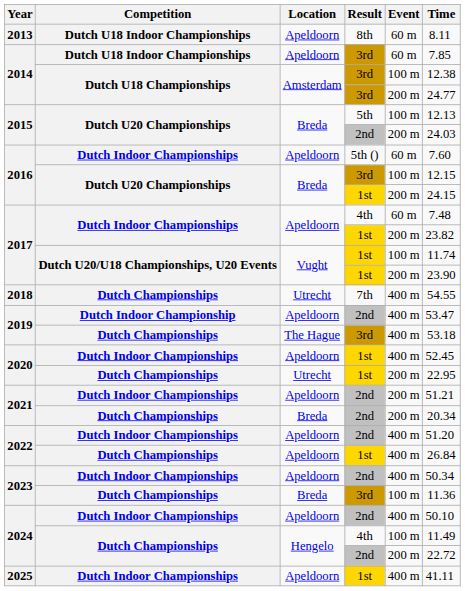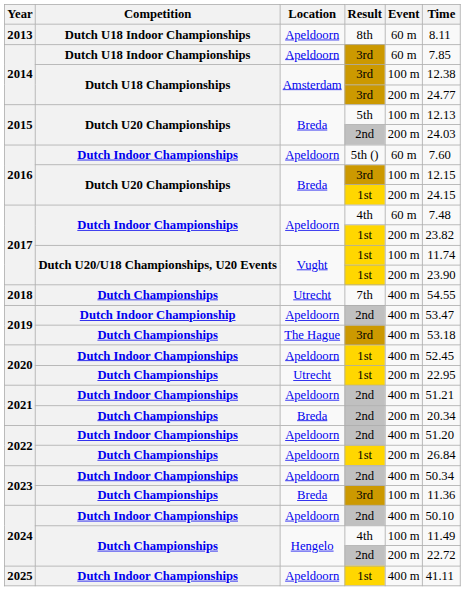 <table class="wikitable" style="text-align:center">
 <tr>
 <th scope="col">Year</th>
 <th scope="col">Competition</th>
 <th scope="col">Location</th>
 <th scope="col">Result</th>
 <th scope="col">Event</th>
 <th scope="col">Time</th>
 </tr>
 <tr>
 <th scope="row">2013</th>
 <th scope="row">Dutch U18 Indoor Championships</th>
 <td><a href='#'>Apeldoorn</a></td>
 <td>8th</td>
 <td>60 m</td>
 <td>8.11 </td>
 </tr>
 <tr>
 <th scope="rowgroup" rowspan="3">2014</th>
 <th scope="row">Dutch U18 Indoor Championships</th>
 <td><a href='#'>Apeldoorn</a></td>
 <td bgcolor="#cc9900">3rd</td>
 <td>60 m</td>
 <td>7.85 </td>
 </tr>
 <tr>
 <th scope="rowgroup" rowspan="2">Dutch U18 Championships</th>
 <td rowspan="2"><a href='#'>Amsterdam</a></td>
 <td bgcolor="#cc9900">3rd</td>
 <td>100 m</td>
 <td>12.38</td>
 </tr>
 <tr>
 <td bgcolor="#cc9900">3rd</td>
 <td>200 m</td>
 <td>24.77</td>
 </tr>
 <tr>
 <th scope="rowgroup" rowspan="2">2015</th>
 <th scope="rowgroup" rowspan="2">Dutch U20 Championships</th>
 <td rowspan="2"><a href='#'>Breda</a></td>
 <td>5th</td>
 <td>100 m</td>
 <td>12.13</td>
 </tr>
 <tr>
 <td bgcolor="silver">2nd</td>
 <td>200 m</td>
 <td>24.03</td>
 </tr>
 <tr>
 <th scope="rowgroup" rowspan="3">2016</th>
 <th scope="row"><a href='#'>Dutch Indoor Championships</a></th>
 <td><a href='#'>Apeldoorn</a></td>
 <td>5th ()</td>
 <td>60 m</td>
 <td>7.60 </td>
 </tr>
 <tr>
 <th scope="rowgroup" rowspan="2">Dutch U20 Championships</th>
 <td rowspan="2"><a href='#'>Breda</a></td>
 <td bgcolor="#cc9900">3rd</td>
 <td>100 m</td>
 <td>12.15</td>
 </tr>
 <tr>
 <td bgcolor="gold">1st</td>
 <td>200 m</td>
 <td>24.15</td>
 </tr>
 <tr>
 <th scope="rowgroup" rowspan="4">2017</th>
 <th scope="rowgroup" rowspan="2"><a href='#'>Dutch Indoor Championships</a></th>
 <td rowspan="2"><a href='#'>Apeldoorn</a></td>
 <td>4th</td>
 <td>60 m</td>
 <td>7.48 </td>
 </tr>
 <tr>
 <td bgcolor="gold">1st</td>
 <td>200 m </td>
 <td>23.82 </td>
 </tr>
 <tr>
 <th scope="rowgroup" rowspan="2">Dutch U20/U18 Championships, U20 Events</th>
 <td rowspan="2"><a href='#'>Vught</a></td>
 <td bgcolor="gold">1st</td>
 <td>100 m</td>
 <td>11.74</td>
 </tr>
 <tr>
 <td bgcolor="gold">1st</td>
 <td>200 m</td>
 <td>23.90</td>
 </tr>
 <tr>
 <th scope="row">2018</th>
 <th scope="row"><a href='#'>Dutch Championships</a></th>
 <td><a href='#'>Utrecht</a></td>
 <td>7th</td>
 <td>400 m</td>
 <td>54.55</td>
 </tr>
 <tr>
 <th scope="rowgroup" rowspan="2">2019</th>
 <th scope="row"><a href='#'>Dutch Indoor Championship</a></th>
 <td><a href='#'>Apeldoorn</a></td>
 <td bgcolor="silver">2nd</td>
 <td>400 m </td>
 <td>53.47 </td>
 </tr>
 <tr>
 <th scope="row"><a href='#'>Dutch Championships</a></th>
 <td><a href='#'>The Hague</a></td>
 <td bgcolor="#cc9900">3rd</td>
 <td>400 m</td>
 <td>53.18</td>
 </tr>
 <tr>
 <th scope="rowgroup" rowspan="2">2020</th>
 <th scope="row"><a href='#'>Dutch Indoor Championships</a></th>
 <td><a href='#'>Apeldoorn</a></td>
 <td bgcolor="gold">1st</td>
 <td>400 m </td>
 <td>52.45 </td>
 </tr>
 <tr>
 <th scope="row"><a href='#'>Dutch Championships</a></th>
 <td><a href='#'>Utrecht</a></td>
 <td bgcolor="gold">1st</td>
 <td>200 m</td>
 <td>22.95</td>
 </tr>
 <tr>
 <th scope="rowgroup" rowspan="2">2021</th>
 <th scope="row"><a href='#'>Dutch Indoor Championships</a></th>
 <td><a href='#'>Apeldoorn</a></td>
 <td bgcolor="silver">2nd</td>
-<td>200 m</td>
+<td>400 m </td>
 <td>51.21 </td>
 </tr>
 <tr>
 <th scope="row"><a href='#'>Dutch Championships</a></th>
 <td><a href='#'>Breda</a></td>
 <td bgcolor="silver">2nd</td>
 <td>200 m</td>
 <td>20.34</td>
 </tr>
 <tr>
 <th scope="rowgroup" rowspan="2">2022</th>
 <th scope="row"><a href='#'>Dutch Indoor Championships</a></th>
 <td><a href='#'>Apeldoorn</a></td>
 <td bgcolor="silver">2nd</td>
 <td>400 m </td>
 <td>51.20 </td>
 </tr>
 <tr>
 <th scope="row"><a href='#'>Dutch Championships</a></th>
 <td><a href='#'>Apeldoorn</a></td>
 <td bgcolor="gold">1st</td>
-<td>400 m </td>
+<td>200 m</td>
 <td>26.84</td>
 </tr>
 <tr>
 <th scope="rowgroup" rowspan="2">2023</th>
 <th scope="row"><a href='#'>Dutch Indoor Championships</a></th>
 <td><a href='#'>Apeldoorn</a></td>
 <td bgcolor="silver">2nd</td>
 <td>400 m </td>
 <td>50.34 </td>
 </tr>
 <tr>
 <th scope="row"><a href='#'>Dutch Championships</a></th>
 <td><a href='#'>Breda</a></td>
 <td bgcolor="#cc9900">3rd</td>
 <td>100 m</td>
 <td>11.36</td>
 </tr>
 <tr>
 <th scope="rowgroup" rowspan="3">2024</th>
 <th scope="row"><a href='#'>Dutch Indoor Championships</a></th>
 <td><a href='#'>Apeldoorn</a></td>
 <td bgcolor="silver">2nd</td>
 <td>400 m </td>
 <td>50.10 </td>
 </tr>
 <tr>
 <th scope="rowgroup" rowspan="2"><a href='#'>Dutch Championships</a></th>
 <td rowspan="2"><a href='#'>Hengelo</a></td>
 <td>4th</td>
 <td>100 m</td>
 <td>11.49</td>
 </tr>
 <tr>
 <td bgcolor="silver">2nd</td>
 <td>200 m</td>
 <td>22.72</td>
 </tr>
 <tr>
 <th scope="row">2025</th>
 <th scope="row"><a href='#'>Dutch Indoor Championships</a></th>
 <td><a href='#'>Apeldoorn</a></td>
 <td bgcolor="gold">1st</td>
 <td>400 m </td>
 <td>41.11 </td>
 </tr>
 </table>
